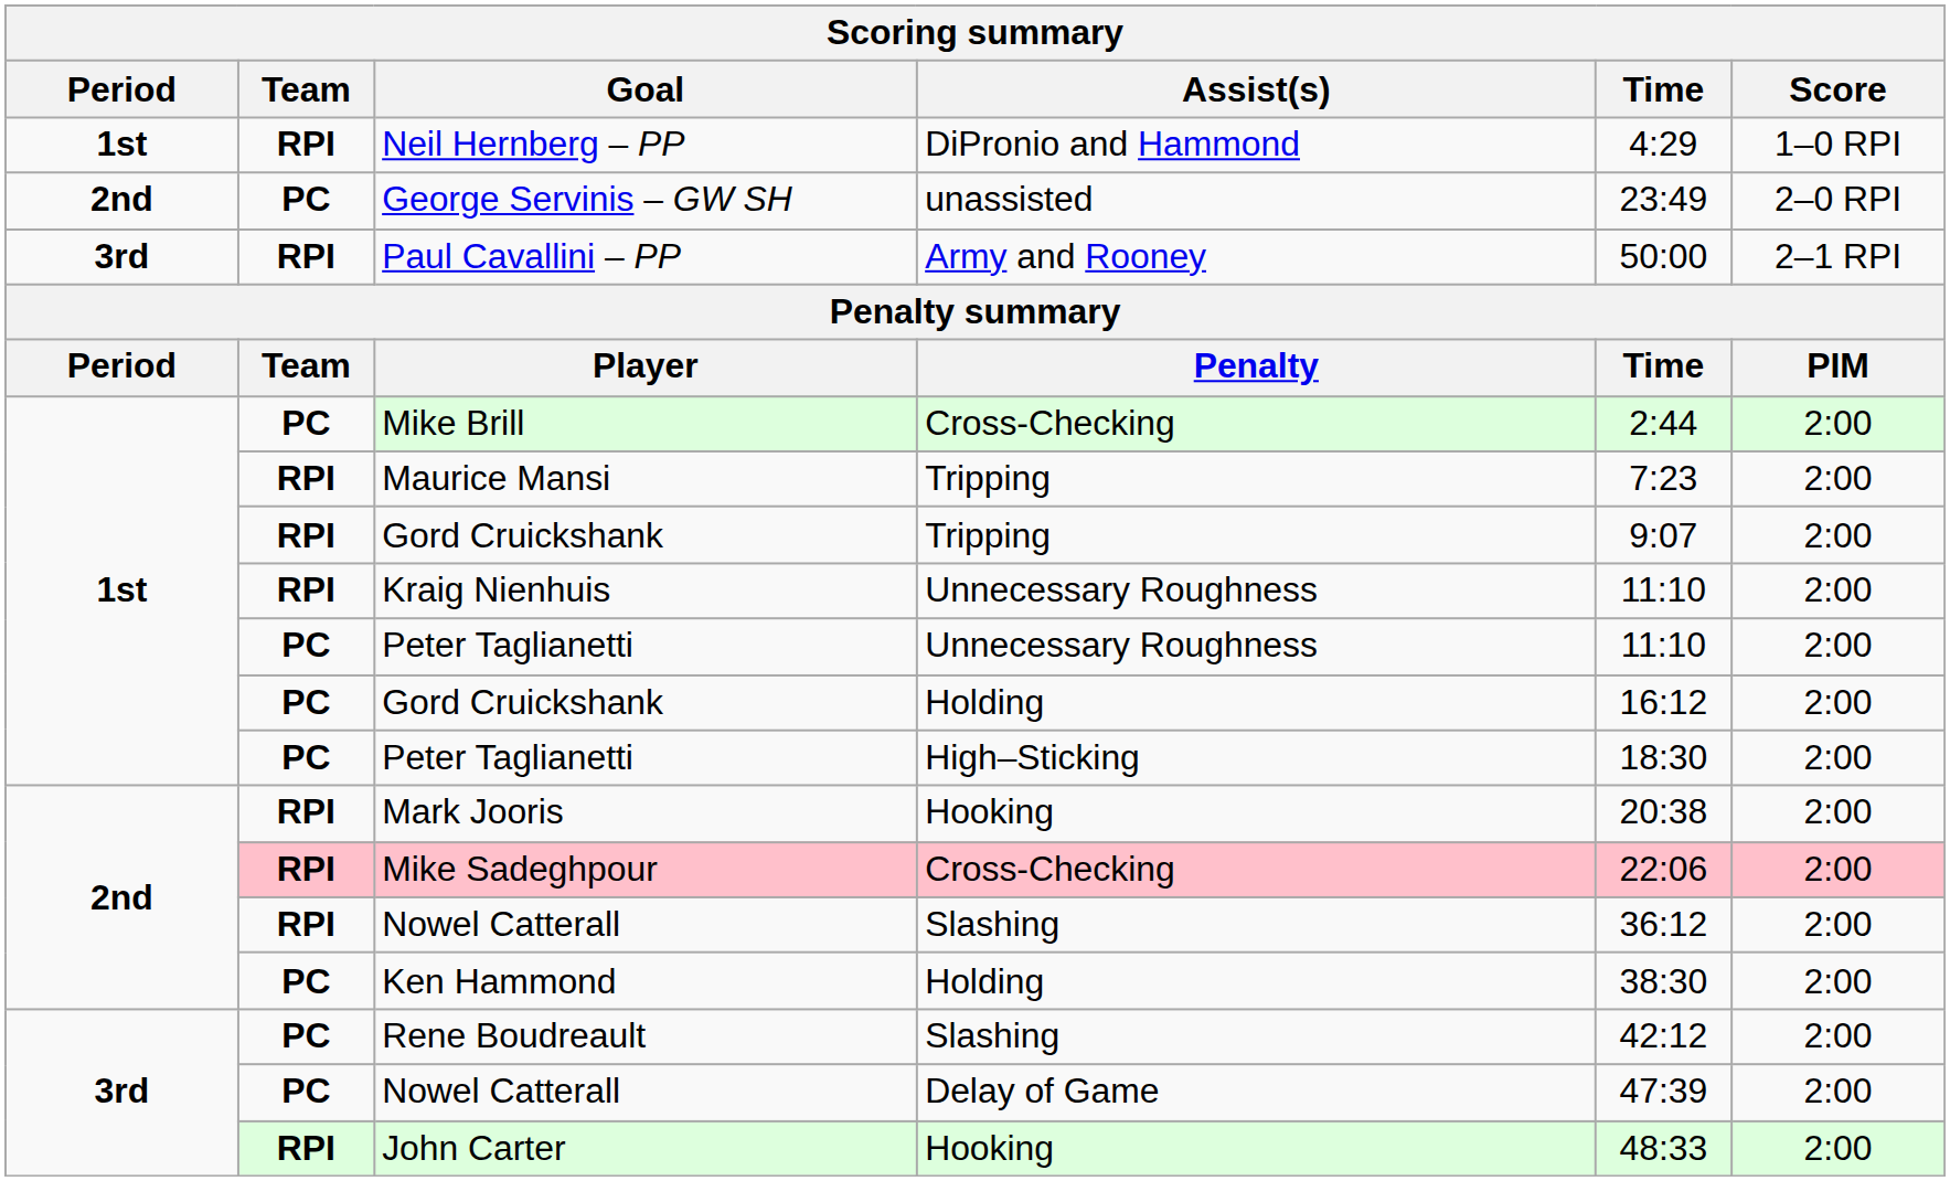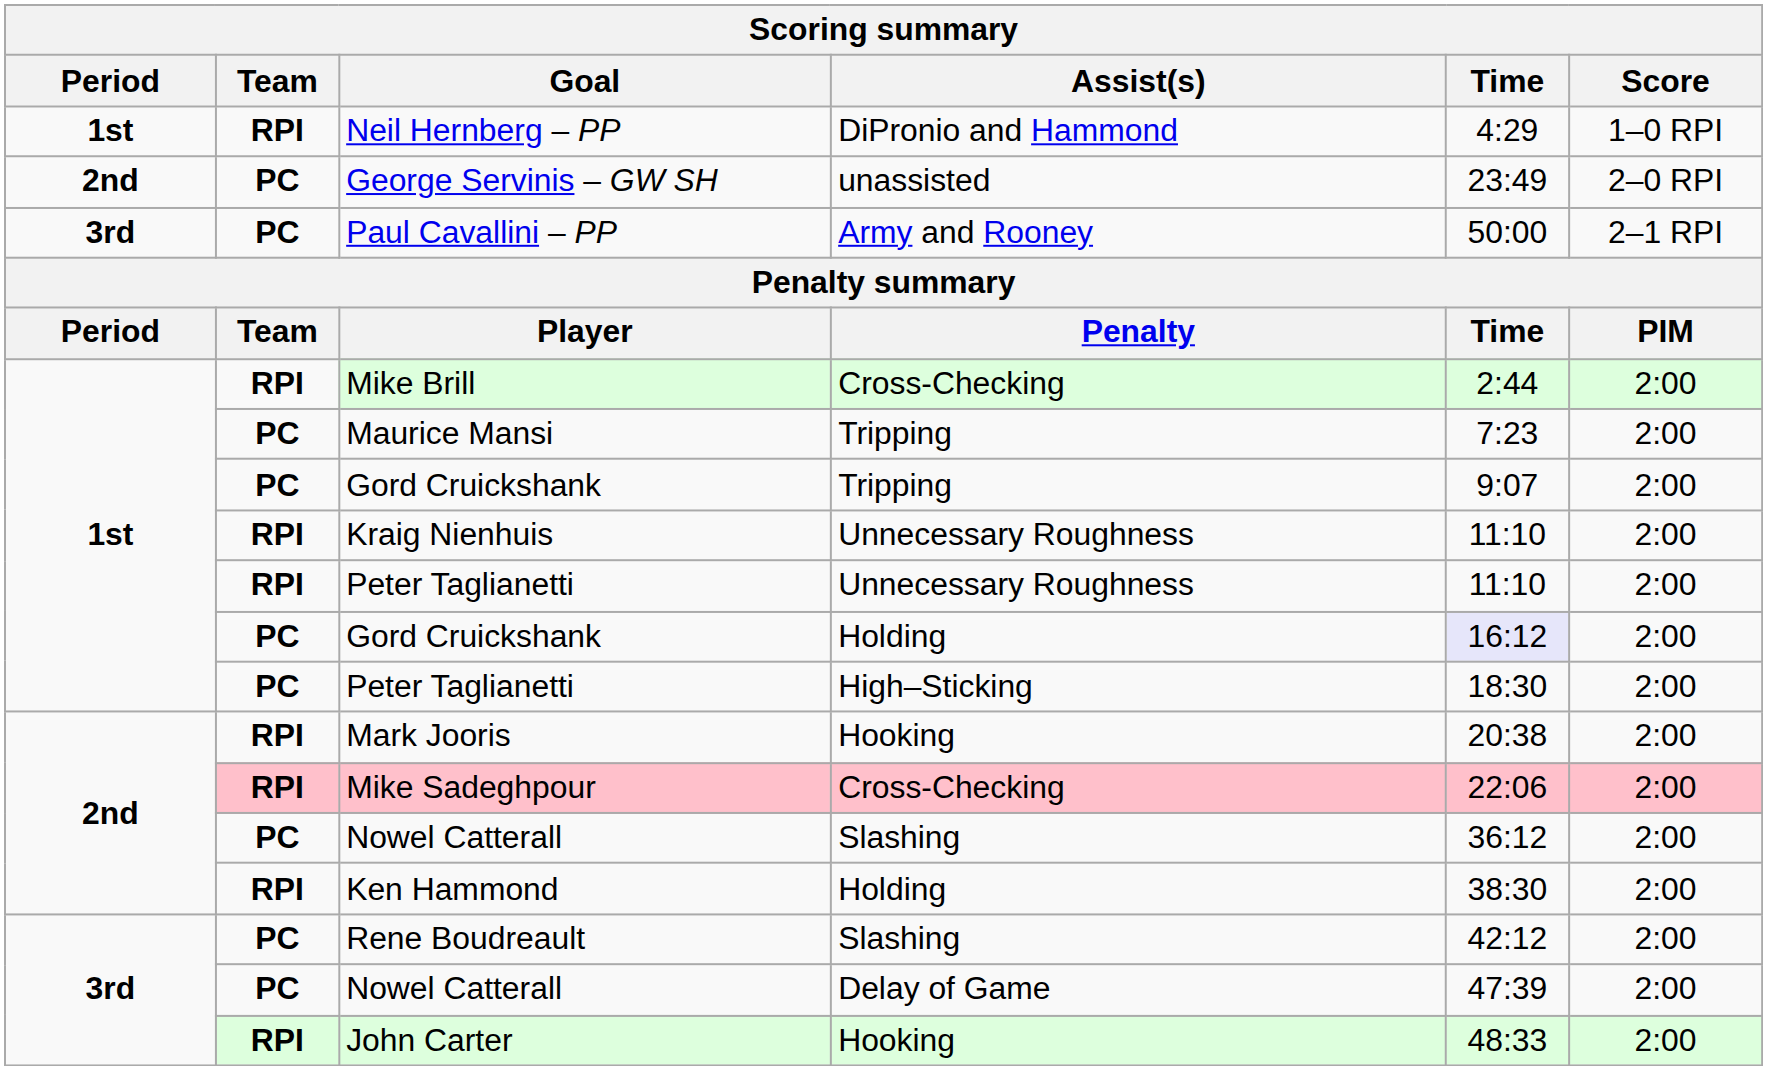 <table style="width:100%;" class="wikitable">
 <tr>
 <th colspan=6>Scoring summary</th>
 </tr>
 <tr>
 <th style="width:12%;">Period</th>
 <th style="width:7%;">Team</th>
 <th style="width:28%;">Goal</th>
 <th style="width:35%;">Assist(s)</th>
 <th style="width:7%;">Time</th>
 <th style="width:11%;">Score</th>
 </tr>
 <tr>
 <td style="text-align:center;" rowspan="1"><strong>1st</strong></td>
 <td align=center><strong>RPI</strong></td>
 <td><a href='#'>Neil Hernberg</a> – <em>PP</em></td>
 <td>DiPronio and <a href='#'>Hammond</a></td>
 <td align=center>4:29</td>
 <td align=center>1–0 RPI</td>
 </tr>
 <tr>
 <td style="text-align:center;" rowspan="1"><strong>2nd</strong></td>
 <td align=center><strong>PC</strong></td>
 <td><a href='#'>George Servinis</a> – <em>GW SH</em></td>
 <td>unassisted</td>
 <td align=center>23:49</td>
 <td align=center>2–0 RPI</td>
 </tr>
 <tr>
 <td style="text-align:center;" rowspan="1"><strong>3rd</strong></td>
-<td align=center><strong>RPI</strong></td>
+<td align=center><strong>PC</strong></td>
 <td><a href='#'>Paul Cavallini</a> – <em>PP</em></td>
 <td><a href='#'>Army</a> and <a href='#'>Rooney</a></td>
 <td align=center>50:00</td>
 <td align=center>2–1 RPI</td>
 </tr>
 <tr>
 <th colspan=6>Penalty summary</th>
 </tr>
 <tr>
 <th style="width:12%;">Period</th>
 <th style="width:7%;">Team</th>
 <th style="width:28%;">Player</th>
 <th style="width:35%;"><a href='#'>Penalty</a></th>
 <th style="width:7%;">Time</th>
 <th style="width:11%;">PIM</th>
 </tr>
 <tr>
 <td style="text-align:center;" rowspan="7"><strong>1st</strong></td>
-<td align=center><strong>PC</strong></td>
+<td align=center><strong>RPI</strong></td>
 <td bgcolor=ddffdd>Mike Brill</td>
 <td bgcolor=ddffdd>Cross-Checking</td>
 <td bgcolor=ddffdd align=center>2:44</td>
 <td bgcolor=ddffdd align=center>2:00</td>
 </tr>
 <tr>
-<td align=center><strong>RPI</strong></td>
+<td align=center><strong>PC</strong></td>
 <td>Maurice Mansi</td>
 <td>Tripping</td>
 <td align=center>7:23</td>
 <td align=center>2:00</td>
 </tr>
 <tr>
-<td align=center><strong>RPI</strong></td>
+<td align=center><strong>PC</strong></td>
 <td>Gord Cruickshank</td>
 <td>Tripping</td>
 <td align=center>9:07</td>
 <td align=center>2:00</td>
 </tr>
 <tr>
 <td align=center><strong>RPI</strong></td>
 <td>Kraig Nienhuis</td>
 <td>Unnecessary Roughness</td>
 <td align=center>11:10</td>
 <td align=center>2:00</td>
 </tr>
 <tr>
-<td align=center><strong>PC</strong></td>
+<td align=center><strong>RPI</strong></td>
 <td>Peter Taglianetti</td>
 <td>Unnecessary Roughness</td>
 <td align=center>11:10</td>
 <td align=center>2:00</td>
 </tr>
 <tr>
 <td align=center><strong>PC</strong></td>
 <td>Gord Cruickshank</td>
 <td>Holding</td>
-<td align=center>16:12</td>
+<td align=center style="background: lavender;">16:12</td>
 <td align=center>2:00</td>
 </tr>
 <tr>
 <td align=center><strong>PC</strong></td>
 <td>Peter Taglianetti</td>
 <td>High–Sticking</td>
 <td align=center>18:30</td>
 <td align=center>2:00</td>
 </tr>
 <tr>
 <td style="text-align:center;" rowspan="4"><strong>2nd</strong></td>
 <td align=center><strong>RPI</strong></td>
 <td>Mark Jooris</td>
 <td>Hooking</td>
 <td align=center>20:38</td>
 <td align=center>2:00</td>
 </tr>
 <tr bgcolor=pink>
 <td align=center><strong>RPI</strong></td>
 <td>Mike Sadeghpour</td>
 <td>Cross-Checking</td>
 <td align=center>22:06</td>
 <td align=center>2:00</td>
 </tr>
 <tr>
-<td align=center><strong>RPI</strong></td>
+<td align=center><strong>PC</strong></td>
 <td>Nowel Catterall</td>
 <td>Slashing</td>
 <td align=center>36:12</td>
 <td align=center>2:00</td>
 </tr>
 <tr>
-<td align=center><strong>PC</strong></td>
+<td align=center><strong>RPI</strong></td>
 <td>Ken Hammond</td>
 <td>Holding</td>
 <td align=center>38:30</td>
 <td align=center>2:00</td>
 </tr>
 <tr>
 <td style="text-align:center;" rowspan="3"><strong>3rd</strong></td>
 <td align=center><strong>PC</strong></td>
 <td>Rene Boudreault</td>
 <td>Slashing</td>
 <td align=center>42:12</td>
 <td align=center>2:00</td>
 </tr>
 <tr>
 <td align=center><strong>PC</strong></td>
 <td>Nowel Catterall</td>
 <td>Delay of Game</td>
 <td align=center>47:39</td>
 <td align=center>2:00</td>
 </tr>
 <tr bgcolor=ddffdd>
 <td align=center><strong>RPI</strong></td>
 <td>John Carter</td>
 <td>Hooking</td>
 <td align=center>48:33</td>
 <td align=center>2:00</td>
 </tr>
 <tr>
 </tr>
 </table>
